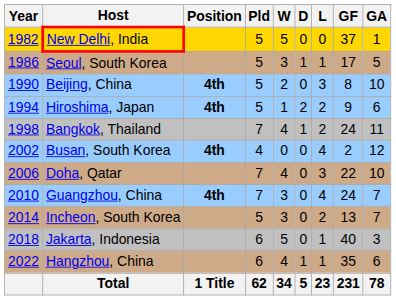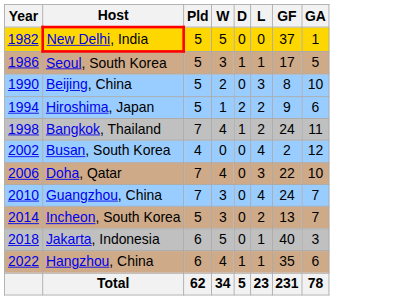 <table class="wikitable" style="text-align: center;">
 <tr>
 <th>Year</th>
 <th>Host</th>
-<th>Position</th>
 <th>Pld</th>
 <th>W</th>
 <th>D</th>
 <th>L</th>
 <th>GF</th>
 <th>GA</th>
 </tr>
 <tr bgcolor=gold>
 <td><a href='#'>1982</a></td>
 <td align=left style="border: 3px solid red"> <a href='#'>New Delhi</a>, India</td>
-<td></td>
 <td>5</td>
 <td>5</td>
 <td>0</td>
 <td>0</td>
 <td>37</td>
 <td>1</td>
 </tr>
 <tr bgcolor=#CFAA88>
 <td><a href='#'>1986</a></td>
 <td align=left> <a href='#'>Seoul</a>, South Korea</td>
-<td></td>
 <td>5</td>
 <td>3</td>
 <td>1</td>
 <td>1</td>
 <td>17</td>
 <td>5</td>
 </tr>
 <tr style="background:#9acdff;">
 <td><a href='#'>1990</a></td>
 <td align=left> <a href='#'>Beijing</a>, China</td>
-<td><strong>4th</strong></td>
 <td>5</td>
 <td>2</td>
 <td>0</td>
 <td>3</td>
 <td>8</td>
 <td>10</td>
 </tr>
 <tr style="background:#9acdff;">
 <td><a href='#'>1994</a></td>
 <td align=left> <a href='#'>Hiroshima</a>, Japan</td>
-<td><strong>4th</strong></td>
 <td>5</td>
 <td>1</td>
 <td>2</td>
 <td>2</td>
 <td>9</td>
 <td>6</td>
 </tr>
 <tr bgcolor=silver>
 <td><a href='#'>1998</a></td>
 <td align=left> <a href='#'>Bangkok</a>, Thailand</td>
-<td></td>
 <td>7</td>
 <td>4</td>
 <td>1</td>
 <td>2</td>
 <td>24</td>
 <td>11</td>
 </tr>
 <tr style="background:#9acdff;">
 <td><a href='#'>2002</a></td>
 <td align=left> <a href='#'>Busan</a>, South Korea</td>
-<td><strong>4th</strong></td>
 <td>4</td>
 <td>0</td>
 <td>0</td>
 <td>4</td>
 <td>2</td>
 <td>12</td>
 </tr>
 <tr bgcolor=#CFAA88>
 <td><a href='#'>2006</a></td>
 <td align=left> <a href='#'>Doha</a>, Qatar</td>
-<td></td>
 <td>7</td>
 <td>4</td>
 <td>0</td>
 <td>3</td>
 <td>22</td>
 <td>10</td>
 </tr>
 <tr style="background:#9acdff;">
 <td><a href='#'>2010</a></td>
 <td align=left> <a href='#'>Guangzhou</a>, China</td>
-<td><strong>4th</strong></td>
 <td>7</td>
 <td>3</td>
 <td>0</td>
 <td>4</td>
 <td>24</td>
 <td>7</td>
 </tr>
 <tr bgcolor=#CFAA88>
 <td><a href='#'>2014</a></td>
 <td align=left> <a href='#'>Incheon</a>, South Korea</td>
-<td></td>
 <td>5</td>
 <td>3</td>
 <td>0</td>
 <td>2</td>
 <td>13</td>
 <td>7</td>
 </tr>
 <tr bgcolor=silver>
 <td><a href='#'>2018</a></td>
 <td align=left> <a href='#'>Jakarta</a>, Indonesia</td>
-<td></td>
 <td>6</td>
 <td>5</td>
 <td>0</td>
 <td>1</td>
 <td>40</td>
 <td>3</td>
 </tr>
 <tr bgcolor=#CFAA88>
 <td><a href='#'>2022</a></td>
 <td align=left> <a href='#'>Hangzhou</a>, China</td>
-<td></td>
 <td>6</td>
 <td>4</td>
 <td>1</td>
 <td>1</td>
 <td>35</td>
 <td>6</td>
 </tr>
 <tr>
 <th></th>
 <th>Total</th>
-<th><strong>1 Title</strong></th>
 <th>62</th>
 <th>34</th>
 <th>5</th>
 <th>23</th>
 <th>231</th>
 <th>78</th>
 </tr>
 </table>
